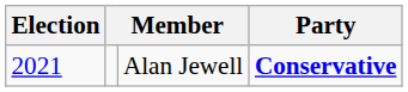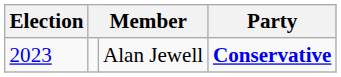 <table class="wikitable">
 <tr>
 <th>Election</th>
 <th colspan="2">Member</th>
 <th>Party</th>
 </tr>
 <tr>
-<td><a href='#'>2021</a></td>
+<td><a href='#'>2023</a></td>
 <td rowspan="1" style="background-color: "></td>
 <td rowspan="1">Alan Jewell</td>
 <td rowspan="1"><strong><a href='#'>Conservative</a></strong></td>
 </tr>
 </table>
